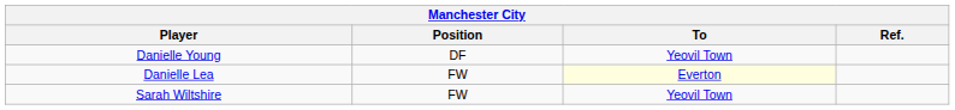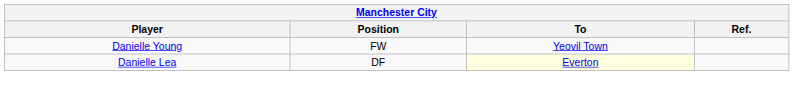 <table class="wikitable sortable collapsible collapsed" style="font-size:95%; text-align: center; width: 90%;">
 <tr>
 <th colspan="4"  style="with:100%; text-align:center;"><strong><a href='#'>Manchester City</a></strong></th>
 </tr>
 <tr>
 <th>Player</th>
 <th>Position</th>
 <th>To</th>
 <th>Ref.</th>
 </tr>
 <tr>
 <td> <a href='#'>Danielle Young</a></td>
-<td>DF</td>
+<td>FW</td>
 <td><a href='#'>Yeovil Town</a></td>
 <td></td>
 </tr>
 <tr>
 <td> <a href='#'>Danielle Lea</a></td>
-<td>FW</td>
+<td>DF</td>
 <td style="background: lightyellow;"><a href='#'>Everton</a></td>
 <td></td>
 </tr>
-<tr>
-<td> <a href='#'>Sarah Wiltshire</a></td>
-<td>FW</td>
-<td><a href='#'>Yeovil Town</a></td>
-<td></td>
-</tr>
 </table>
